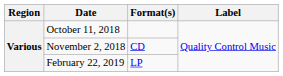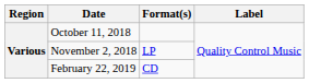 <table class="wikitable plainrowheaders">
 <tr>
 <th scope="col">Region</th>
 <th scope="col">Date</th>
 <th scope="col">Format(s)</th>
 <th scope="col">Label</th>
 </tr>
 <tr>
 <th scope="row" rowspan="3">Various</th>
 <td>October 11, 2018</td>
 <td></td>
 <td rowspan="3"><a href='#'>Quality Control Music</a></td>
 </tr>
 <tr>
 <td>November 2, 2018</td>
-<td><a href='#'>CD</a></td>
+<td><a href='#'>LP</a></td>
 </tr>
 <tr>
 <td>February 22, 2019</td>
-<td><a href='#'>LP</a></td>
+<td><a href='#'>CD</a></td>
 </tr>
 </table>
